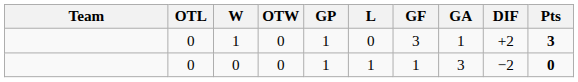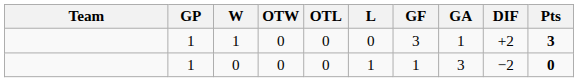 <table class="wikitable" style="text-align:center;">
 <tr>
 <th width=165>Team</th>
-<th width=40>OTL</th>
+<th width=40>GP</th>
 <th width=40>W</th>
 <th width=40>OTW</th>
-<th width=40>GP</th>
+<th width=40>OTL</th>
 <th width=40>L</th>
 <th width=40>GF</th>
 <th width=40>GA</th>
 <th width=40>DIF</th>
 <th width=40>Pts</th>
 </tr>
 <tr>
 <td style="text-align:left;"></td>
-<td>0</td>
+<td>1</td>
 <td>1</td>
 <td>0</td>
-<td>1</td>
+<td>0</td>
 <td>0</td>
 <td>3</td>
 <td>1</td>
 <td>+2</td>
 <td><strong>3</strong></td>
 </tr>
 <tr>
 <td style="text-align:left;"></td>
+<td>1</td>
 <td>0</td>
 <td>0</td>
 <td>0</td>
-<td>1</td>
 <td>1</td>
 <td>1</td>
 <td>3</td>
 <td>−2</td>
 <td><strong>0</strong></td>
 </tr>
 </table>
